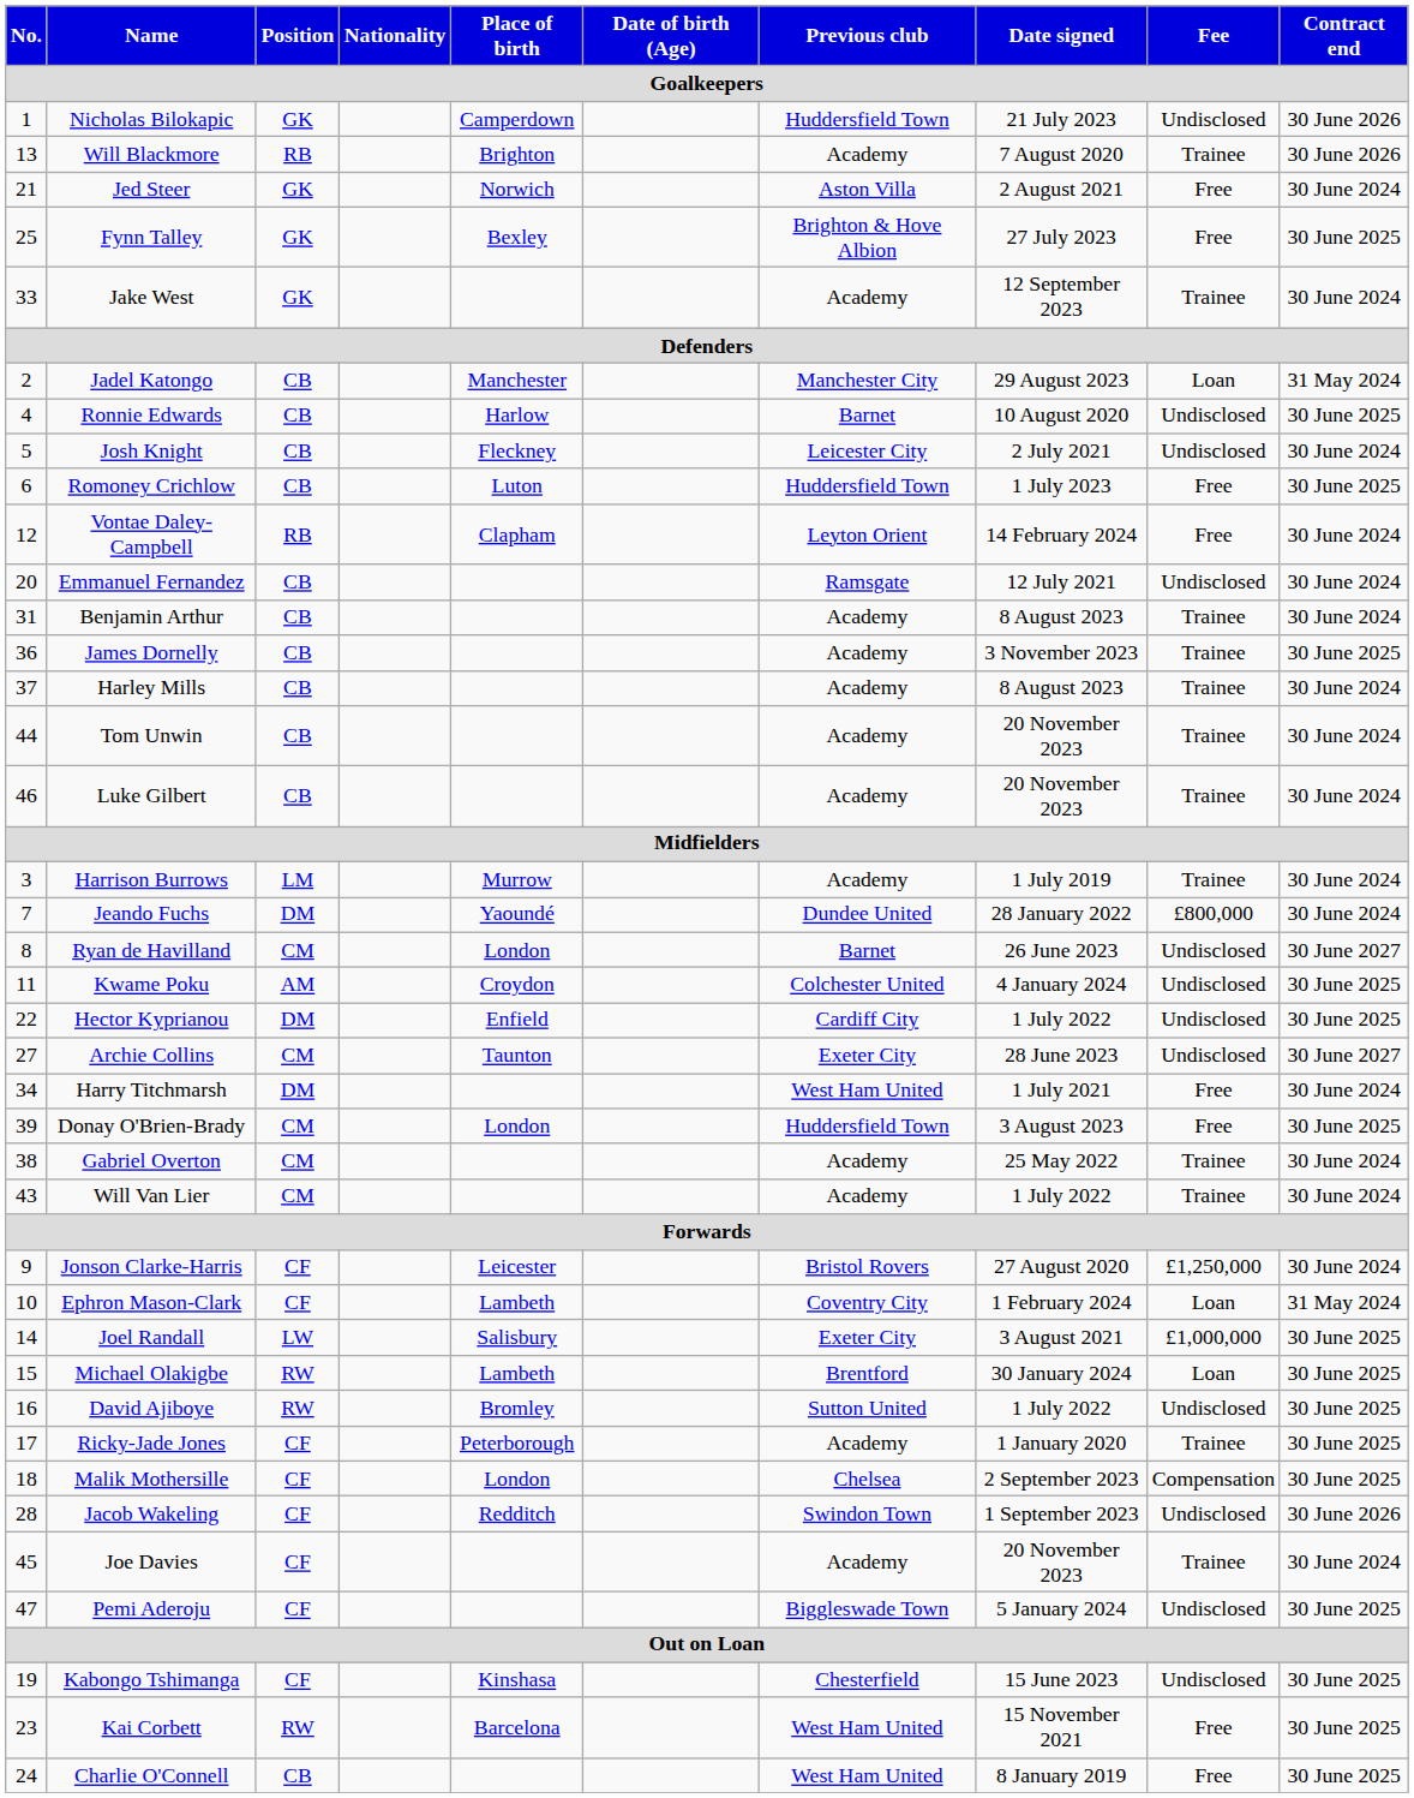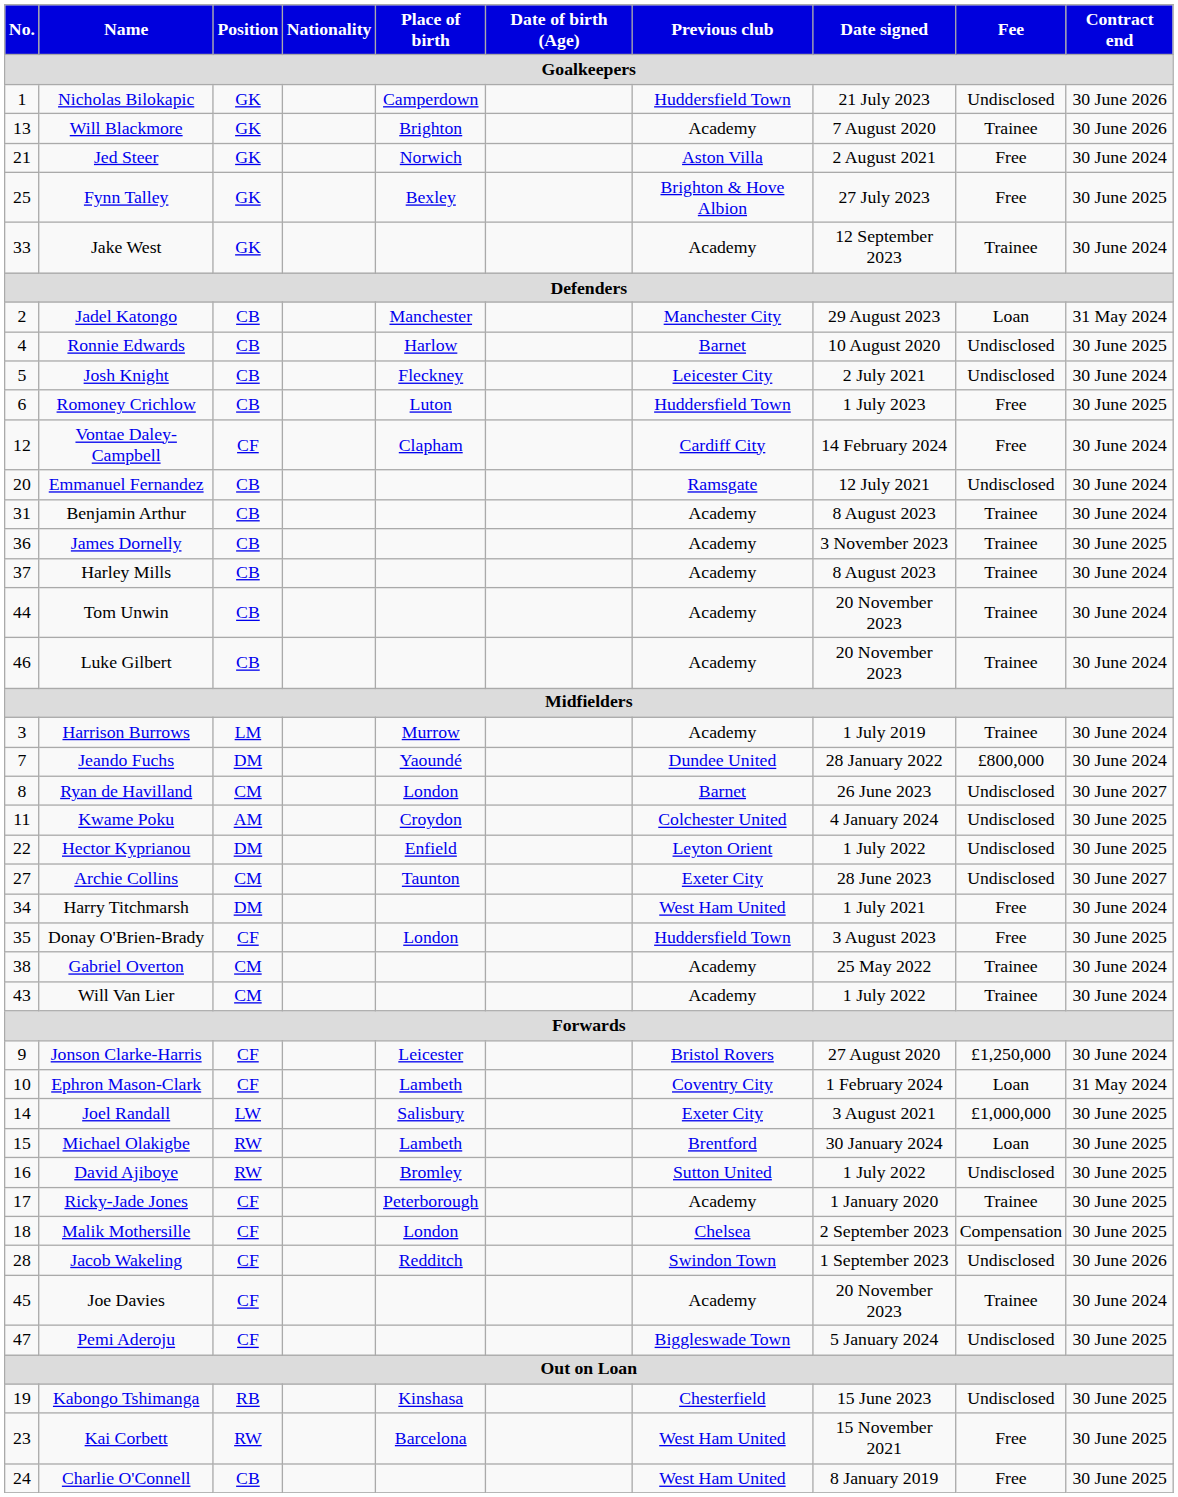 <table class="wikitable" style="text-align:center; font-size:84.5%; width:101%;">
 <tr>
 <th style="color:white; background:#00d; text-align:center;">No.</th>
 <th style="color:white; background:#00d; text-align:center;">Name</th>
 <th style="color:white; background:#00d; text-align:center;">Position</th>
 <th style="color:white; background:#00d; text-align:center;">Nationality</th>
 <th style="color:white; background:#00d; text-align:center;">Place of birth</th>
 <th style="color:white; background:#00d; text-align:center;">Date of birth (Age)</th>
 <th style="color:white; background:#00d; text-align:center;">Previous club</th>
 <th style="color:white; background:#00d; text-align:center;">Date signed</th>
 <th style="color:white; background:#00d; text-align:center;">Fee</th>
 <th style="color:white; background:#00d; text-align:center;">Contract end</th>
 </tr>
 <tr>
 <th colspan="14" style="background:#dcdcdc; tepxt-align:center;">Goalkeepers</th>
 </tr>
 <tr>
 <td>1</td>
 <td><a href='#'>Nicholas Bilokapic</a></td>
 <td><a href='#'>GK</a></td>
 <td> </td>
 <td><a href='#'>Camperdown</a></td>
 <td></td>
 <td><a href='#'>Huddersfield Town</a></td>
 <td>21 July 2023</td>
 <td>Undisclosed</td>
 <td>30 June 2026</td>
 </tr>
 <tr>
 <td>13</td>
 <td><a href='#'>Will Blackmore</a></td>
-<td><a href='#'>RB</a></td>
+<td><a href='#'>GK</a></td>
 <td></td>
 <td><a href='#'>Brighton</a></td>
 <td></td>
 <td>Academy</td>
 <td>7 August 2020</td>
 <td>Trainee</td>
 <td>30 June 2026</td>
 </tr>
 <tr>
 <td>21</td>
 <td><a href='#'>Jed Steer</a></td>
 <td><a href='#'>GK</a></td>
 <td> </td>
 <td><a href='#'>Norwich</a></td>
 <td></td>
 <td><a href='#'>Aston Villa</a></td>
 <td>2 August 2021</td>
 <td>Free</td>
 <td>30 June 2024</td>
 </tr>
 <tr>
 <td>25</td>
 <td><a href='#'>Fynn Talley</a></td>
 <td><a href='#'>GK</a></td>
 <td></td>
 <td><a href='#'>Bexley</a></td>
 <td></td>
 <td><a href='#'>Brighton & Hove Albion</a></td>
 <td>27 July 2023</td>
 <td>Free</td>
 <td>30 June 2025</td>
 </tr>
 <tr>
 <td>33</td>
 <td>Jake West</td>
 <td><a href='#'>GK</a></td>
 <td></td>
 <td></td>
 <td></td>
 <td>Academy</td>
 <td>12 September 2023</td>
 <td>Trainee</td>
 <td>30 June 2024</td>
 </tr>
 <tr>
 <th colspan="14" style="background:#dcdcdc; tepxt-align:center;">Defenders</th>
 </tr>
 <tr>
 <td>2</td>
 <td><a href='#'>Jadel Katongo</a></td>
 <td><a href='#'>CB</a></td>
 <td> </td>
 <td><a href='#'>Manchester</a></td>
 <td></td>
 <td><a href='#'>Manchester City</a></td>
 <td>29 August 2023</td>
 <td>Loan</td>
 <td>31 May 2024</td>
 </tr>
 <tr>
 <td>4</td>
 <td><a href='#'>Ronnie Edwards</a></td>
 <td><a href='#'>CB</a></td>
 <td></td>
 <td><a href='#'>Harlow</a></td>
 <td></td>
 <td><a href='#'>Barnet</a></td>
 <td>10 August 2020</td>
 <td>Undisclosed</td>
 <td>30 June 2025</td>
 </tr>
 <tr>
 <td>5</td>
 <td><a href='#'>Josh Knight</a></td>
 <td><a href='#'>CB</a></td>
 <td></td>
 <td><a href='#'>Fleckney</a></td>
 <td></td>
 <td><a href='#'>Leicester City</a></td>
 <td>2 July 2021</td>
 <td>Undisclosed</td>
 <td>30 June 2024</td>
 </tr>
 <tr>
 <td>6</td>
 <td><a href='#'>Romoney Crichlow</a></td>
 <td><a href='#'>CB</a></td>
 <td></td>
 <td><a href='#'>Luton</a></td>
 <td></td>
 <td><a href='#'>Huddersfield Town</a></td>
 <td>1 July 2023</td>
 <td>Free</td>
 <td>30 June 2025</td>
 </tr>
 <tr>
 <td>12</td>
 <td><a href='#'>Vontae Daley-Campbell</a></td>
-<td><a href='#'>RB</a></td>
+<td><a href='#'>CF</a></td>
 <td> </td>
 <td><a href='#'>Clapham</a></td>
 <td></td>
-<td><a href='#'>Leyton Orient</a></td>
+<td> <a href='#'>Cardiff City</a></td>
 <td>14 February 2024</td>
 <td>Free</td>
 <td>30 June 2024</td>
 </tr>
 <tr>
 <td>20</td>
 <td><a href='#'>Emmanuel Fernandez</a></td>
 <td><a href='#'>CB</a></td>
 <td> </td>
 <td></td>
 <td></td>
 <td><a href='#'>Ramsgate</a></td>
 <td>12 July 2021</td>
 <td>Undisclosed</td>
 <td>30 June 2024</td>
 </tr>
 <tr>
 <td>31</td>
 <td>Benjamin Arthur</td>
 <td><a href='#'>CB</a></td>
 <td></td>
 <td></td>
 <td></td>
 <td>Academy</td>
 <td>8 August 2023</td>
 <td>Trainee</td>
 <td>30 June 2024</td>
 </tr>
 <tr>
 <td>36</td>
 <td><a href='#'>James Dornelly</a></td>
 <td><a href='#'>CB</a></td>
 <td></td>
 <td></td>
 <td></td>
 <td>Academy</td>
 <td>3 November 2023</td>
 <td>Trainee</td>
 <td>30 June 2025</td>
 </tr>
 <tr>
 <td>37</td>
 <td>Harley Mills</td>
 <td><a href='#'>CB</a></td>
 <td></td>
 <td></td>
 <td></td>
 <td>Academy</td>
 <td>8 August 2023</td>
 <td>Trainee</td>
 <td>30 June 2024</td>
 </tr>
 <tr>
 <td>44</td>
 <td>Tom Unwin</td>
 <td><a href='#'>CB</a></td>
 <td></td>
 <td></td>
 <td></td>
 <td>Academy</td>
 <td>20 November 2023</td>
 <td>Trainee</td>
 <td>30 June 2024</td>
 </tr>
 <tr>
 <td>46</td>
 <td>Luke Gilbert</td>
 <td><a href='#'>CB</a></td>
 <td></td>
 <td></td>
 <td></td>
 <td>Academy</td>
 <td>20 November 2023</td>
 <td>Trainee</td>
 <td>30 June 2024</td>
 </tr>
 <tr>
 <th colspan="14" style="background:#dcdcdc; tepxt-align:center;">Midfielders</th>
 </tr>
 <tr>
 <td>3</td>
 <td><a href='#'>Harrison Burrows</a></td>
 <td><a href='#'>LM</a></td>
 <td></td>
 <td><a href='#'>Murrow</a></td>
 <td></td>
 <td>Academy</td>
 <td>1 July 2019</td>
 <td>Trainee</td>
 <td>30 June 2024</td>
 </tr>
 <tr>
 <td>7</td>
 <td><a href='#'>Jeando Fuchs</a></td>
 <td><a href='#'>DM</a></td>
 <td> </td>
 <td><a href='#'>Yaoundé</a></td>
 <td></td>
 <td> <a href='#'>Dundee United</a></td>
 <td>28 January 2022</td>
 <td>£800,000</td>
 <td>30 June 2024</td>
 </tr>
 <tr>
 <td>8</td>
 <td><a href='#'>Ryan de Havilland</a></td>
 <td><a href='#'>CM</a></td>
 <td></td>
 <td><a href='#'>London</a></td>
 <td></td>
 <td><a href='#'>Barnet</a></td>
 <td>26 June 2023</td>
 <td>Undisclosed</td>
 <td>30 June 2027</td>
 </tr>
 <tr>
 <td>11</td>
 <td><a href='#'>Kwame Poku</a></td>
 <td><a href='#'>AM</a></td>
 <td> </td>
 <td><a href='#'>Croydon</a></td>
 <td></td>
 <td><a href='#'>Colchester United</a></td>
 <td>4 January 2024</td>
 <td>Undisclosed</td>
 <td>30 June 2025</td>
 </tr>
 <tr>
 <td>22</td>
 <td><a href='#'>Hector Kyprianou</a></td>
 <td><a href='#'>DM</a></td>
 <td> </td>
 <td><a href='#'>Enfield</a></td>
 <td></td>
-<td> <a href='#'>Cardiff City</a></td>
+<td><a href='#'>Leyton Orient</a></td>
 <td>1 July 2022</td>
 <td>Undisclosed</td>
 <td>30 June 2025</td>
 </tr>
 <tr>
 <td>27</td>
 <td><a href='#'>Archie Collins</a></td>
 <td><a href='#'>CM</a></td>
 <td></td>
 <td><a href='#'>Taunton</a></td>
 <td></td>
 <td><a href='#'>Exeter City</a></td>
 <td>28 June 2023</td>
 <td>Undisclosed</td>
 <td>30 June 2027</td>
 </tr>
 <tr>
 <td>34</td>
 <td>Harry Titchmarsh</td>
 <td><a href='#'>DM</a></td>
 <td></td>
 <td></td>
 <td></td>
 <td><a href='#'>West Ham United</a></td>
 <td>1 July 2021</td>
 <td>Free</td>
 <td>30 June 2024</td>
 </tr>
 <tr>
-<td>39</td>
+<td>35</td>
 <td>Donay O'Brien-Brady</td>
-<td><a href='#'>CM</a></td>
+<td><a href='#'>CF</a></td>
 <td></td>
 <td><a href='#'>London</a></td>
 <td></td>
 <td><a href='#'>Huddersfield Town</a></td>
 <td>3 August 2023</td>
 <td>Free</td>
 <td>30 June 2025</td>
 </tr>
 <tr>
 <td>38</td>
 <td><a href='#'>Gabriel Overton</a></td>
 <td><a href='#'>CM</a></td>
 <td></td>
 <td></td>
 <td></td>
 <td>Academy</td>
 <td>25 May 2022</td>
 <td>Trainee</td>
 <td>30 June 2024</td>
 </tr>
 <tr>
 <td>43</td>
 <td>Will Van Lier</td>
 <td><a href='#'>CM</a></td>
 <td></td>
 <td></td>
 <td></td>
 <td>Academy</td>
 <td>1 July 2022</td>
 <td>Trainee</td>
 <td>30 June 2024</td>
 </tr>
 <tr>
 <th colspan="14" style="background:#dcdcdc; tepxt-align:center;">Forwards</th>
 </tr>
 <tr>
 <td>9</td>
 <td><a href='#'>Jonson Clarke-Harris</a></td>
 <td><a href='#'>CF</a></td>
 <td> </td>
 <td><a href='#'>Leicester</a></td>
 <td></td>
 <td><a href='#'>Bristol Rovers</a></td>
 <td>27 August 2020</td>
 <td>£1,250,000</td>
 <td>30 June 2024</td>
 </tr>
 <tr>
 <td>10</td>
 <td><a href='#'>Ephron Mason-Clark</a></td>
 <td><a href='#'>CF</a></td>
 <td></td>
 <td><a href='#'>Lambeth</a></td>
 <td></td>
 <td><a href='#'>Coventry City</a></td>
 <td>1 February 2024</td>
 <td>Loan</td>
 <td>31 May 2024</td>
 </tr>
 <tr>
 <td>14</td>
 <td><a href='#'>Joel Randall</a></td>
 <td><a href='#'>LW</a></td>
 <td></td>
 <td><a href='#'>Salisbury</a></td>
 <td></td>
 <td><a href='#'>Exeter City</a></td>
 <td>3 August 2021</td>
 <td>£1,000,000</td>
 <td>30 June 2025</td>
 </tr>
 <tr>
 <td>15</td>
 <td><a href='#'>Michael Olakigbe</a></td>
 <td><a href='#'>RW</a></td>
 <td> </td>
 <td><a href='#'>Lambeth</a></td>
 <td></td>
 <td><a href='#'>Brentford</a></td>
 <td>30 January 2024</td>
 <td>Loan</td>
 <td>30 June 2025</td>
 </tr>
 <tr>
 <td>16</td>
 <td><a href='#'>David Ajiboye</a></td>
 <td><a href='#'>RW</a></td>
 <td> </td>
 <td><a href='#'>Bromley</a></td>
 <td></td>
 <td><a href='#'>Sutton United</a></td>
 <td>1 July 2022</td>
 <td>Undisclosed</td>
 <td>30 June 2025</td>
 </tr>
 <tr>
 <td>17</td>
 <td><a href='#'>Ricky-Jade Jones</a></td>
 <td><a href='#'>CF</a></td>
 <td></td>
 <td><a href='#'>Peterborough</a></td>
 <td></td>
 <td>Academy</td>
 <td>1 January 2020</td>
 <td>Trainee</td>
 <td>30 June 2025</td>
 </tr>
 <tr>
 <td>18</td>
 <td><a href='#'>Malik Mothersille</a></td>
 <td><a href='#'>CF</a></td>
 <td> </td>
 <td><a href='#'>London</a></td>
 <td></td>
 <td><a href='#'>Chelsea</a></td>
 <td>2 September 2023</td>
 <td>Compensation</td>
 <td>30 June 2025</td>
 </tr>
 <tr>
 <td>28</td>
 <td><a href='#'>Jacob Wakeling</a></td>
 <td><a href='#'>CF</a></td>
 <td></td>
 <td><a href='#'>Redditch</a></td>
 <td></td>
 <td><a href='#'>Swindon Town</a></td>
 <td>1 September 2023</td>
 <td>Undisclosed</td>
 <td>30 June 2026</td>
 </tr>
 <tr>
 <td>45</td>
 <td>Joe Davies</td>
 <td><a href='#'>CF</a></td>
 <td></td>
 <td></td>
 <td></td>
 <td>Academy</td>
 <td>20 November 2023</td>
 <td>Trainee</td>
 <td>30 June 2024</td>
 </tr>
 <tr>
 <td>47</td>
 <td><a href='#'>Pemi Aderoju</a></td>
 <td><a href='#'>CF</a></td>
 <td></td>
 <td></td>
 <td></td>
 <td><a href='#'>Biggleswade Town</a></td>
 <td>5 January 2024</td>
 <td>Undisclosed</td>
 <td>30 June 2025</td>
 </tr>
 <tr>
 <th colspan="14" style="background:#dcdcdc; tepxt-align:center;">Out on Loan</th>
 </tr>
 <tr>
 <td>19</td>
 <td><a href='#'>Kabongo Tshimanga</a></td>
-<td><a href='#'>CF</a></td>
+<td><a href='#'>RB</a></td>
 <td> </td>
 <td><a href='#'>Kinshasa</a></td>
 <td></td>
 <td><a href='#'>Chesterfield</a></td>
 <td>15 June 2023</td>
 <td>Undisclosed</td>
 <td>30 June 2025</td>
 </tr>
 <tr>
 <td>23</td>
 <td><a href='#'>Kai Corbett</a></td>
 <td><a href='#'>RW</a></td>
 <td> </td>
 <td><a href='#'>Barcelona</a></td>
 <td></td>
 <td><a href='#'>West Ham United</a></td>
 <td>15 November 2021</td>
 <td>Free</td>
 <td>30 June 2025</td>
 </tr>
 <tr>
 <td>24</td>
 <td><a href='#'>Charlie O'Connell</a></td>
 <td><a href='#'>CB</a></td>
 <td></td>
 <td></td>
 <td></td>
 <td><a href='#'>West Ham United</a></td>
 <td>8 January 2019</td>
 <td>Free</td>
 <td>30 June 2025</td>
 </tr>
 </table>
